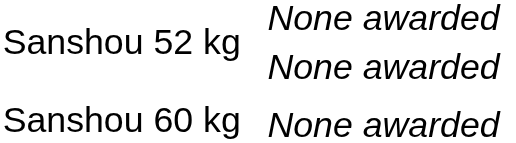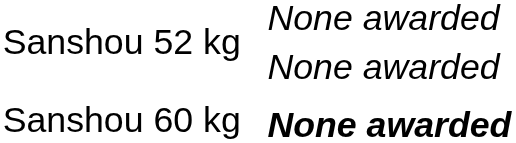 <table>
 <tr>
 <td rowspan=2>Sanshou 52 kg</td>
 <td rowspan=2></td>
 <td rowspan=2></td>
 <td><em>None awarded</em></td>
 </tr>
 <tr>
 <td><em>None awarded</em></td>
 </tr>
 <tr>
 <td rowspan=2>Sanshou 60 kg</td>
 <td rowspan=2></td>
 <td rowspan=2></td>
 <td></td>
 </tr>
 <tr>
-<td><em>None awarded</em></td>
+<td><strong><em>None awarded</em></strong></td>
 </tr>
 </table>
